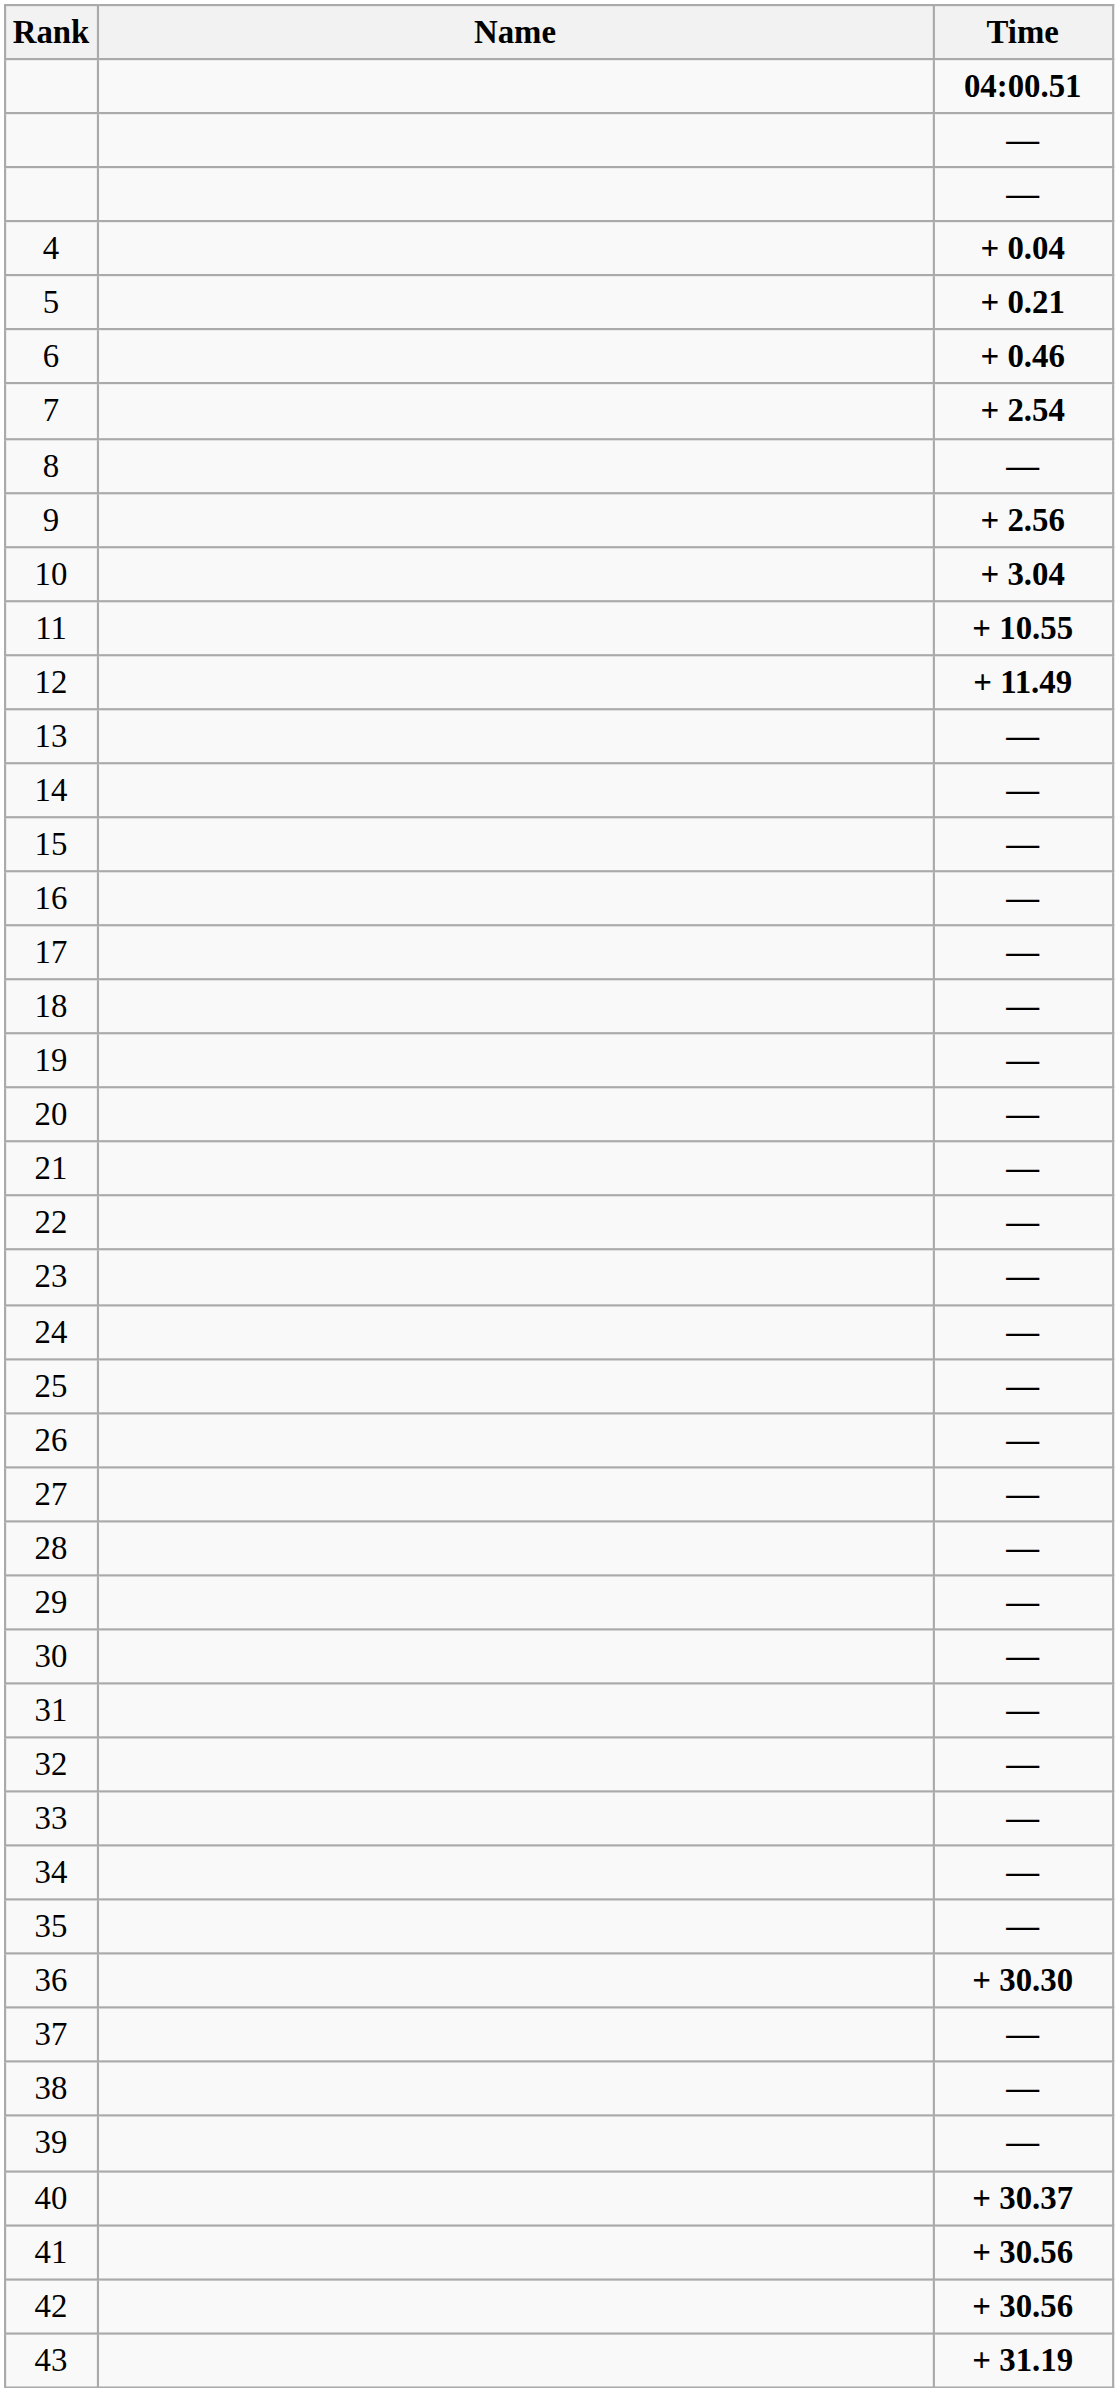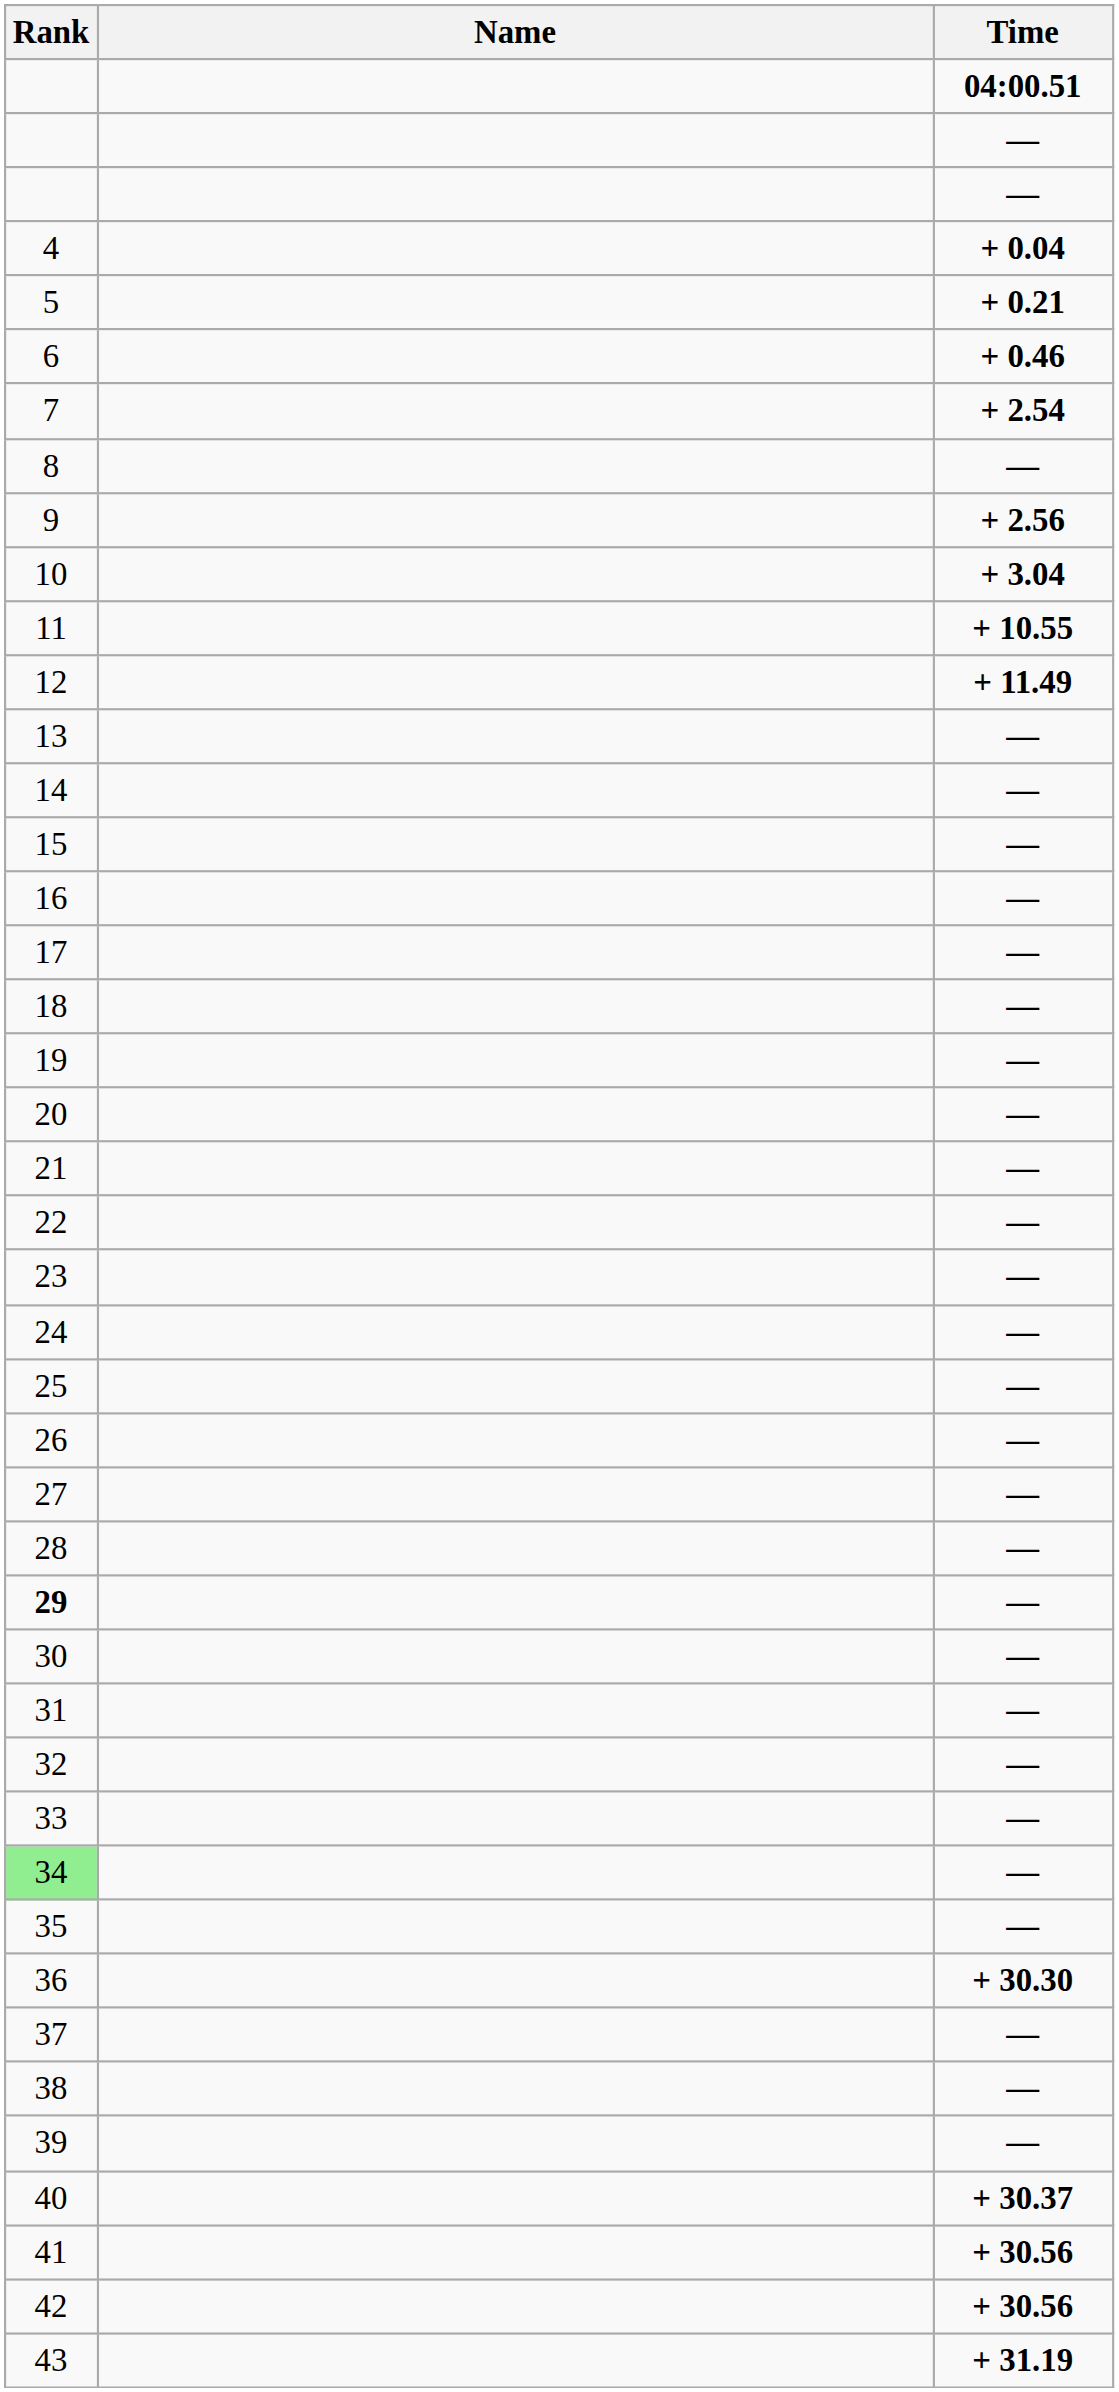 <table class=wikitable style="font-size:95%">
 <tr>
 <th>Rank</th>
 <th style="width:25em">Name</th>
 <th style="width:5em">Time</th>
 </tr>
 <tr>
 <td align="center"></td>
 <td></td>
 <td align="center"><strong>04:00.51</strong></td>
 </tr>
 <tr>
 <td align="center"></td>
 <td></td>
 <td align="center"><strong>—</strong></td>
 </tr>
 <tr>
 <td align="center"></td>
 <td></td>
 <td align="center"><strong>—</strong></td>
 </tr>
 <tr>
 <td align="center">4</td>
 <td></td>
 <td align="center"><strong>+ 0.04</strong></td>
 </tr>
 <tr>
 <td align="center">5</td>
 <td></td>
 <td align="center"><strong>+ 0.21</strong></td>
 </tr>
 <tr>
 <td align="center">6</td>
 <td></td>
 <td align="center"><strong>+ 0.46</strong></td>
 </tr>
 <tr>
 <td align="center">7</td>
 <td></td>
 <td align="center"><strong>+ 2.54</strong></td>
 </tr>
 <tr>
 <td align="center">8</td>
 <td></td>
 <td align="center"><strong>—</strong></td>
 </tr>
 <tr>
 <td align="center">9</td>
 <td></td>
 <td align="center"><strong>+ 2.56</strong></td>
 </tr>
 <tr>
 <td align="center">10</td>
 <td></td>
 <td align="center"><strong>+ 3.04</strong></td>
 </tr>
 <tr>
 <td align="center">11</td>
 <td></td>
 <td align="center"><strong>+ 10.55</strong></td>
 </tr>
 <tr>
 <td align="center">12</td>
 <td></td>
 <td align="center"><strong>+ 11.49</strong></td>
 </tr>
 <tr>
 <td align="center">13</td>
 <td></td>
 <td align="center"><strong>—</strong></td>
 </tr>
 <tr>
 <td align="center">14</td>
 <td></td>
 <td align="center"><strong>—</strong></td>
 </tr>
 <tr>
 <td align="center">15</td>
 <td></td>
 <td align="center"><strong>—</strong></td>
 </tr>
 <tr>
 <td align="center">16</td>
 <td></td>
 <td align="center"><strong>—</strong></td>
 </tr>
 <tr>
 <td align="center">17</td>
 <td></td>
 <td align="center"><strong>—</strong></td>
 </tr>
 <tr>
 <td align="center">18</td>
 <td></td>
 <td align="center"><strong>—</strong></td>
 </tr>
 <tr>
 <td align="center">19</td>
 <td></td>
 <td align="center"><strong>—</strong></td>
 </tr>
 <tr>
 <td align="center">20</td>
 <td></td>
 <td align="center"><strong>—</strong></td>
 </tr>
 <tr>
 <td align="center">21</td>
 <td></td>
 <td align="center"><strong>—</strong></td>
 </tr>
 <tr>
 <td align="center">22</td>
 <td></td>
 <td align="center"><strong>—</strong></td>
 </tr>
 <tr>
 <td align="center">23</td>
 <td></td>
 <td align="center"><strong>—</strong></td>
 </tr>
 <tr>
 <td align="center">24</td>
 <td></td>
 <td align="center"><strong>—</strong></td>
 </tr>
 <tr>
 <td align="center">25</td>
 <td></td>
 <td align="center"><strong>—</strong></td>
 </tr>
 <tr>
 <td align="center">26</td>
 <td></td>
 <td align="center"><strong>—</strong></td>
 </tr>
 <tr>
 <td align="center">27</td>
 <td></td>
 <td align="center"><strong>—</strong></td>
 </tr>
 <tr>
 <td align="center">28</td>
 <td></td>
 <td align="center"><strong>—</strong></td>
 </tr>
 <tr>
-<td align="center">29</td>
+<td align="center"><strong>29</strong></td>
 <td></td>
 <td align="center"><strong>—</strong></td>
 </tr>
 <tr>
 <td align="center">30</td>
 <td></td>
 <td align="center"><strong>—</strong></td>
 </tr>
 <tr>
 <td align="center">31</td>
 <td></td>
 <td align="center"><strong>—</strong></td>
 </tr>
 <tr>
 <td align="center">32</td>
 <td></td>
 <td align="center"><strong>—</strong></td>
 </tr>
 <tr>
 <td align="center">33</td>
 <td></td>
 <td align="center"><strong>—</strong></td>
 </tr>
 <tr>
-<td align="center">34</td>
+<td align="center" style="background: lightgreen;">34</td>
 <td></td>
 <td align="center"><strong>—</strong></td>
 </tr>
 <tr>
 <td align="center">35</td>
 <td></td>
 <td align="center"><strong>—</strong></td>
 </tr>
 <tr>
 <td align="center">36</td>
 <td></td>
 <td align="center"><strong>+ 30.30</strong></td>
 </tr>
 <tr>
 <td align="center">37</td>
 <td></td>
 <td align="center"><strong>—</strong></td>
 </tr>
 <tr>
 <td align="center">38</td>
 <td></td>
 <td align="center"><strong>—</strong></td>
 </tr>
 <tr>
 <td align="center">39</td>
 <td></td>
 <td align="center"><strong>—</strong></td>
 </tr>
 <tr>
 <td align="center">40</td>
 <td></td>
 <td align="center"><strong>+ 30.37</strong></td>
 </tr>
 <tr>
 <td align="center">41</td>
 <td></td>
 <td align="center"><strong>+ 30.56</strong></td>
 </tr>
 <tr>
 <td align="center">42</td>
 <td></td>
 <td align="center"><strong>+ 30.56</strong></td>
 </tr>
 <tr>
 <td align="center">43</td>
 <td></td>
 <td align="center"><strong>+ 31.19</strong></td>
 </tr>
 </table>
